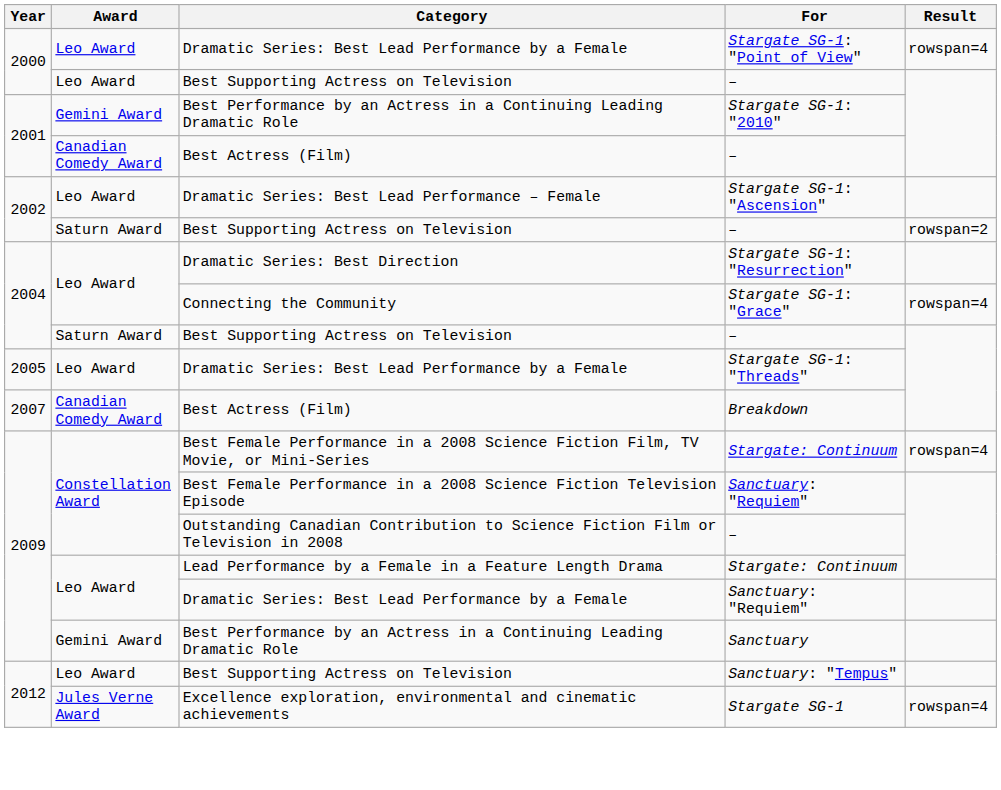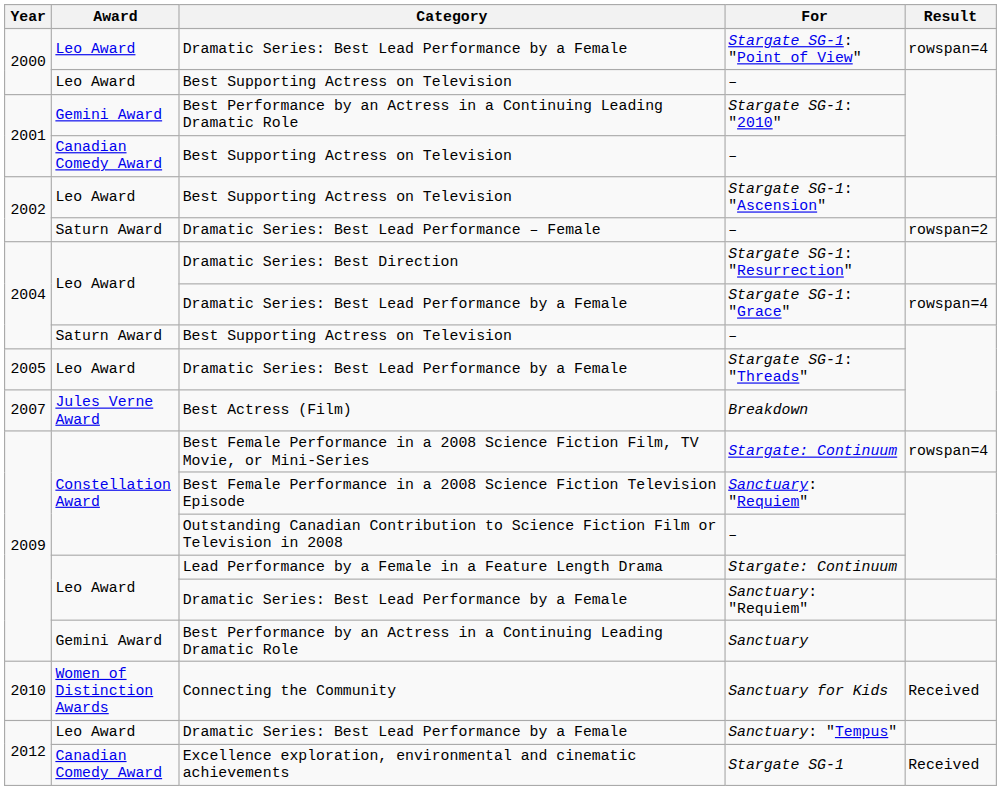 <table class="wikitable">
 <tr>
 <th width="3.5%">Year</th>
 <th width="3.5%">Award</th>
 <th width="48.5%">Category</th>
 <th width="16%">For</th>
 <th width="3.5%">Result</th>
 </tr>
 <tr>
 <td align="center" rowspan=2>2000</td>
 <td><a href='#'>Leo Award</a></td>
 <td>Dramatic Series: Best Lead Performance by a Female</td>
 <td><em><a href='#'>Stargate SG-1</a></em>: "<a href='#'>Point of View</a>"</td>
 <td>rowspan=4 </td>
 </tr>
 <tr>
 <td>Leo Award</td>
 <td>Best Supporting Actress on Television</td>
 <td>–</td>
 </tr>
 <tr>
 <td align="center" rowspan=2>2001</td>
 <td><a href='#'>Gemini Award</a></td>
 <td>Best Performance by an Actress in a Continuing Leading Dramatic Role</td>
 <td><em>Stargate SG-1</em>: "<a href='#'>2010</a>"</td>
 </tr>
 <tr>
 <td><a href='#'>Canadian Comedy Award</a></td>
-<td>Best Actress (Film)</td>
+<td>Best Supporting Actress on Television</td>
 <td>–</td>
 </tr>
 <tr>
 <td align="center" rowspan=2>2002</td>
 <td>Leo Award</td>
-<td>Dramatic Series: Best Lead Performance – Female</td>
+<td>Best Supporting Actress on Television</td>
 <td><em>Stargate SG-1</em>: "<a href='#'>Ascension</a>"</td>
 <td></td>
 </tr>
 <tr>
 <td>Saturn Award</td>
-<td>Best Supporting Actress on Television</td>
+<td>Dramatic Series: Best Lead Performance – Female</td>
 <td>–</td>
 <td>rowspan=2 </td>
 </tr>
 <tr>
 <td align="center" rowspan=3>2004</td>
 <td rowspan=2>Leo Award</td>
 <td>Dramatic Series: Best Direction</td>
 <td><em>Stargate SG-1</em>: "<a href='#'>Resurrection</a>"</td>
 </tr>
 <tr>
-<td>Connecting the Community</td>
+<td>Dramatic Series: Best Lead Performance by a Female</td>
 <td><em>Stargate SG-1</em>: "<a href='#'>Grace</a>"</td>
 <td>rowspan=4 </td>
 </tr>
 <tr>
 <td>Saturn Award</td>
 <td>Best Supporting Actress on Television</td>
 <td>–</td>
 </tr>
 <tr>
 <td align="center">2005</td>
 <td>Leo Award</td>
 <td>Dramatic Series: Best Lead Performance by a Female</td>
 <td><em>Stargate SG-1</em>: "<a href='#'>Threads</a>"</td>
 </tr>
 <tr>
 <td align="center">2007</td>
-<td><a href='#'>Canadian Comedy Award</a></td>
+<td><a href='#'>Jules Verne Award</a></td>
 <td>Best Actress (Film)</td>
 <td><em>Breakdown</em></td>
 </tr>
 <tr>
 <td align="center" rowspan=6>2009</td>
 <td rowspan=3><a href='#'>Constellation Award</a></td>
 <td>Best Female Performance in a 2008 Science Fiction Film, TV Movie, or Mini-Series</td>
 <td><em><a href='#'>Stargate: Continuum</a></em></td>
 <td>rowspan=4 </td>
 </tr>
 <tr>
 <td>Best Female Performance in a 2008 Science Fiction Television Episode</td>
 <td><em><a href='#'>Sanctuary</a></em>: "<a href='#'>Requiem</a>"</td>
 </tr>
 <tr>
 <td>Outstanding Canadian Contribution to Science Fiction Film or Television in 2008</td>
 <td>–</td>
 </tr>
 <tr>
 <td rowspan=2>Leo Award</td>
 <td>Lead Performance by a Female in a Feature Length Drama</td>
 <td><em>Stargate: Continuum</em></td>
 </tr>
 <tr>
 <td>Dramatic Series: Best Lead Performance by a Female</td>
 <td><em>Sanctuary</em>: "Requiem"</td>
 <td></td>
 </tr>
 <tr>
 <td>Gemini Award</td>
 <td>Best Performance by an Actress in a Continuing Leading Dramatic Role</td>
 <td><em>Sanctuary</em></td>
 <td></td>
 </tr>
 <tr>
+<td align="center">2010</td>
+<td><a href='#'>Women of Distinction Awards</a></td>
+<td>Connecting the Community</td>
+<td><em>Sanctuary for Kids</em></td>
+<td>Received</td>
+</tr>
+<tr>
 <td align="center" rowspan=2>2012</td>
 <td>Leo Award</td>
-<td>Best Supporting Actress on Television</td>
+<td>Dramatic Series: Best Lead Performance by a Female</td>
 <td><em>Sanctuary</em>: "<a href='#'>Tempus</a>"</td>
 <td></td>
 </tr>
 <tr>
-<td><a href='#'>Jules Verne Award</a></td>
+<td><a href='#'>Canadian Comedy Award</a></td>
 <td>Excellence exploration, environmental and cinematic achievements</td>
 <td><em>Stargate SG-1</em></td>
-<td>rowspan=4 </td>
+<td>Received</td>
 </tr>
 </table>
